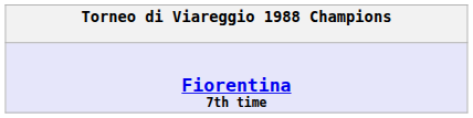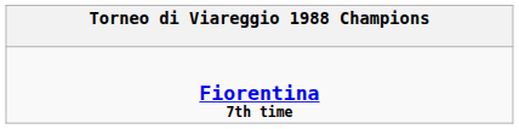 <table class="wikitable" style="margin: 0 auto; width: 30%;">
 <tr>
 <th><big>Torneo di Viareggio 1988 Champions</big><br><br></th>
 </tr>
 <tr>
-<td align=center style="background: lavender;"><br><br><big><big><strong><a href='#'>Fiorentina</a></strong><br></big></big><strong>7th time</strong></td>
+<td align=center><br><br><big><big><strong><a href='#'>Fiorentina</a></strong><br></big></big><strong>7th time</strong></td>
 </tr>
 </table>
